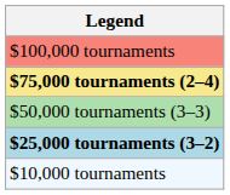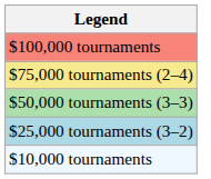 <table class=wikitable style="font-size:90%">
 <tr>
 <th>Legend</th>
 </tr>
 <tr style="background:#f88379;">
 <td>$100,000 tournaments</td>
 </tr>
 <tr style="background:#f7e98e;">
-<td><strong>$75,000 tournaments (2–4)</strong></td>
+<td>$75,000 tournaments (2–4)</td>
 </tr>
 <tr style="background:#addfad;">
 <td>$50,000 tournaments (3–3)</td>
 </tr>
 <tr style="background:lightblue;">
-<td><strong>$25,000 tournaments (3–2)</strong></td>
+<td>$25,000 tournaments (3–2)</td>
 </tr>
 <tr style="background:#f0f8ff;">
 <td>$10,000 tournaments</td>
 </tr>
 </table>
